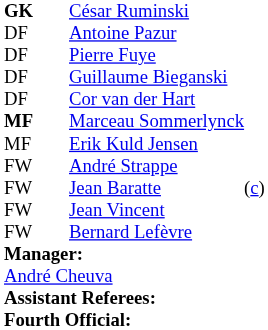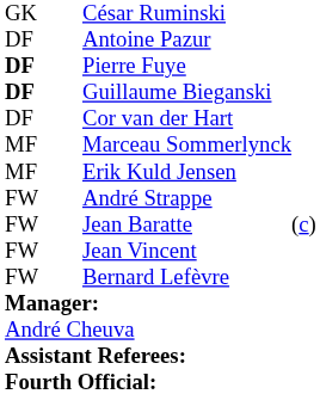 <table style=font-size:90% cellspacing=0 cellpadding=0>
 <tr>
 <td colspan=4></td>
 </tr>
 <tr>
 <th width=25></th>
 <th width=25></th>
 </tr>
 <tr>
-<td><strong>GK</strong></td>
+<td>GK</td>
 <td><strong> </strong></td>
 <td> <a href='#'>César Ruminski</a></td>
 </tr>
 <tr>
 <td>DF</td>
 <td><strong> </strong></td>
 <td> <a href='#'>Antoine Pazur</a></td>
 </tr>
 <tr>
-<td>DF</td>
+<td><strong>DF</strong></td>
 <td><strong> </strong></td>
 <td> <a href='#'>Pierre Fuye</a></td>
 </tr>
 <tr>
-<td>DF</td>
+<td><strong>DF</strong></td>
 <td><strong> </strong></td>
 <td> <a href='#'>Guillaume Bieganski</a></td>
 </tr>
 <tr>
 <td>DF</td>
 <td><strong> </strong></td>
 <td> <a href='#'>Cor van der Hart</a></td>
 </tr>
 <tr>
-<td><strong>MF</strong></td>
+<td>MF</td>
 <td><strong> </strong></td>
 <td> <a href='#'>Marceau Sommerlynck</a></td>
 </tr>
 <tr>
 <td>MF</td>
 <td><strong> </strong></td>
 <td> <a href='#'>Erik Kuld Jensen</a></td>
 </tr>
 <tr>
 <td>FW</td>
 <td><strong> </strong></td>
 <td> <a href='#'>André Strappe</a></td>
 </tr>
 <tr>
 <td>FW</td>
 <td><strong> </strong></td>
 <td> <a href='#'>Jean Baratte</a></td>
 <td>(<a href='#'>c</a>)</td>
 </tr>
 <tr>
 <td>FW</td>
 <td><strong> </strong></td>
 <td> <a href='#'>Jean Vincent</a></td>
 </tr>
 <tr>
 <td>FW</td>
 <td><strong> </strong></td>
 <td> <a href='#'>Bernard Lefèvre</a></td>
 </tr>
 <tr>
 <td colspan=3><strong>Manager:</strong></td>
 </tr>
 <tr>
 <td colspan=4> <a href='#'>André Cheuva</a><br><strong>Assistant Referees:</strong><br> <strong>Fourth Official:</strong><br></td>
 </tr>
 </table>
